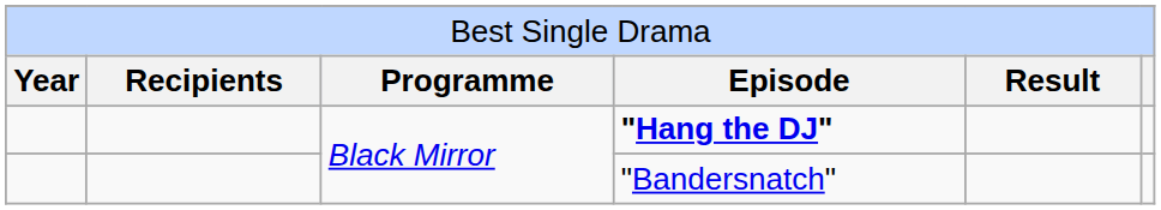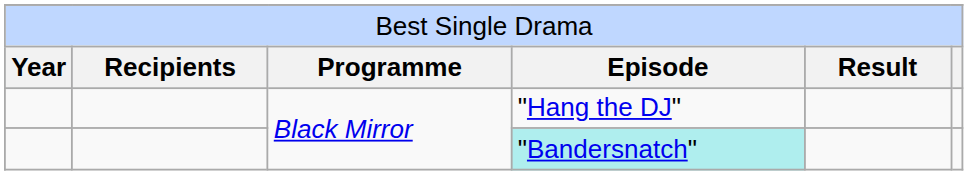 <table class="wikitable plainrowheaders" style="font-size: 90%" width=85%>
 <tr>
 </tr>
 <tr ---- bgcolor="#bfd7ff">
 <td colspan=6 align=center>Best Single Drama</td>
 </tr>
 <tr ---- bgcolor="#ebf5ff">
 <th scope="col" style="width:2%;">Year</th>
 <th scope="col" style="width:20%;">Recipients</th>
 <th scope="col" style="width:25%;">Programme</th>
 <th scope="col" style="width:30%;">Episode</th>
 <th scope="col" style="width:15%;">Result</th>
 <th scope="col" class="unsortable" style="width:1%;"></th>
 </tr>
 <tr>
 <td></td>
 <td></td>
 <td rowspan="2"><em><a href='#'>Black Mirror</a></em></td>
-<td><strong>"<a href='#'>Hang the DJ</a>"</strong></td>
+<td>"<a href='#'>Hang the DJ</a>"</td>
 <td></td>
 <td></td>
 </tr>
 <tr>
 <td></td>
 <td></td>
-<td>"<a href='#'>Bandersnatch</a>"</td>
+<td style="background: paleturquoise;">"<a href='#'>Bandersnatch</a>"</td>
 <td></td>
 <td></td>
 </tr>
 </table>
